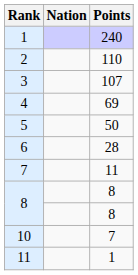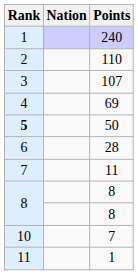 <table class="wikitable sortable" style="text-align:center">
 <tr>
 <th>Rank</th>
 <th>Nation</th>
 <th>Points</th>
 </tr>
 <tr style="background-color:#ccccff">
 <td bgcolor = DDEEFF>1</td>
 <td align=left></td>
 <td>240</td>
 </tr>
 <tr>
 <td bgcolor = DDEEFF>2</td>
 <td align=left></td>
 <td>110</td>
 </tr>
 <tr>
 <td bgcolor = DDEEFF>3</td>
 <td align=left></td>
 <td>107</td>
 </tr>
 <tr>
 <td bgcolor = DDEEFF>4</td>
 <td align=left></td>
 <td>69</td>
 </tr>
 <tr>
-<td bgcolor = DDEEFF>5</td>
+<td bgcolor = DDEEFF><strong>5</strong></td>
 <td align=left></td>
 <td>50</td>
 </tr>
 <tr>
 <td bgcolor = DDEEFF>6</td>
 <td align=left></td>
 <td>28</td>
 </tr>
 <tr>
 <td bgcolor = DDEEFF>7</td>
 <td align=left></td>
 <td>11</td>
 </tr>
 <tr>
 <td rowspan="2" bgcolor = DDEEFF>8</td>
 <td align=left></td>
 <td>8</td>
 </tr>
 <tr>
 <td align=left></td>
 <td>8</td>
 </tr>
 <tr>
 <td bgcolor = DDEEFF>10</td>
 <td align=left></td>
 <td>7</td>
 </tr>
 <tr>
 <td bgcolor = DDEEFF>11</td>
 <td align=left></td>
 <td>1</td>
 </tr>
 </table>
